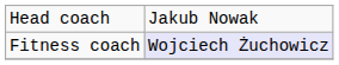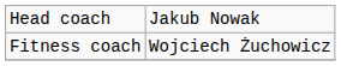 <table class="wikitable">
 <tr>
 <td>Head coach</td>
 <td> Jakub Nowak</td>
 </tr>
 <tr>
 <td>Fitness coach</td>
-<td style="background: lavender;"> Wojciech Żuchowicz</td>
+<td> Wojciech Żuchowicz</td>
 </tr>
 <tr>
 </tr>
 </table>
